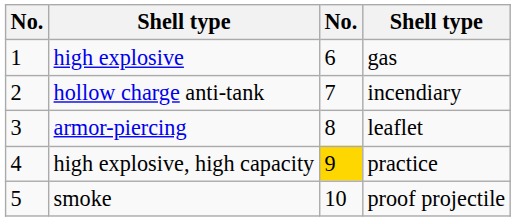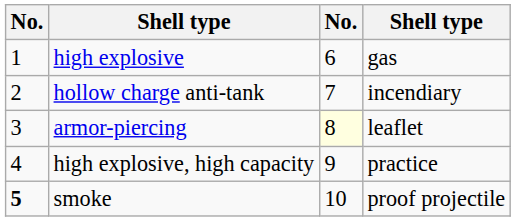 <table class="wikitable" style="margin: 1em auto 1em auto">
 <tr>
 <th>No.</th>
 <th>Shell type</th>
 <th>No.</th>
 <th>Shell type</th>
 </tr>
 <tr>
 <td>1</td>
 <td><a href='#'>high explosive</a></td>
 <td>6</td>
 <td>gas</td>
 </tr>
 <tr>
 <td>2</td>
 <td><a href='#'>hollow charge</a> anti-tank</td>
 <td>7</td>
 <td>incendiary</td>
 </tr>
 <tr>
 <td>3</td>
 <td><a href='#'>armor-piercing</a></td>
-<td>8</td>
+<td style="background: lightyellow;">8</td>
 <td>leaflet</td>
 </tr>
 <tr>
 <td>4</td>
 <td>high explosive, high capacity</td>
-<td style="background: gold;">9</td>
+<td>9</td>
 <td>practice</td>
 </tr>
 <tr>
-<td>5</td>
+<td><strong>5</strong></td>
 <td>smoke</td>
 <td>10</td>
 <td>proof projectile</td>
 </tr>
 </table>
